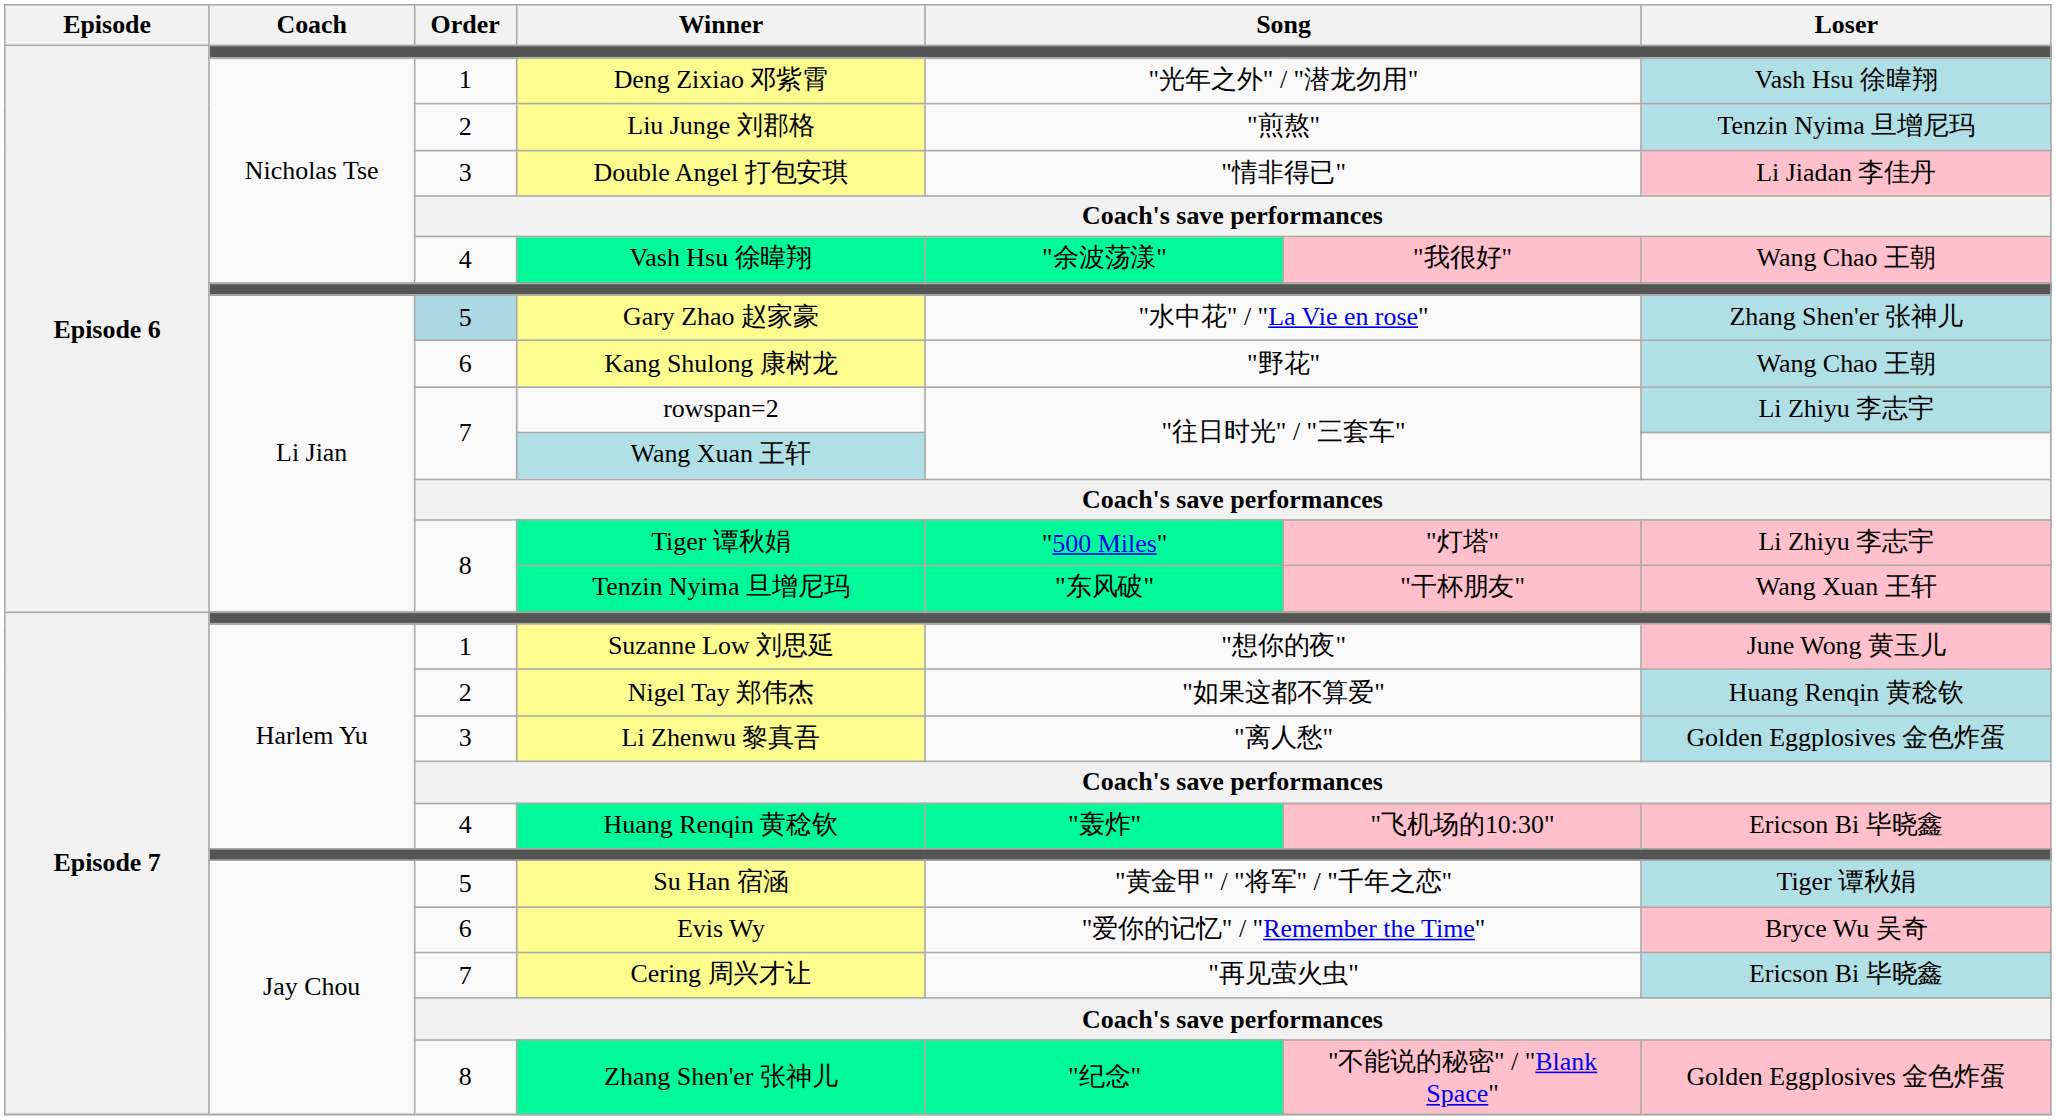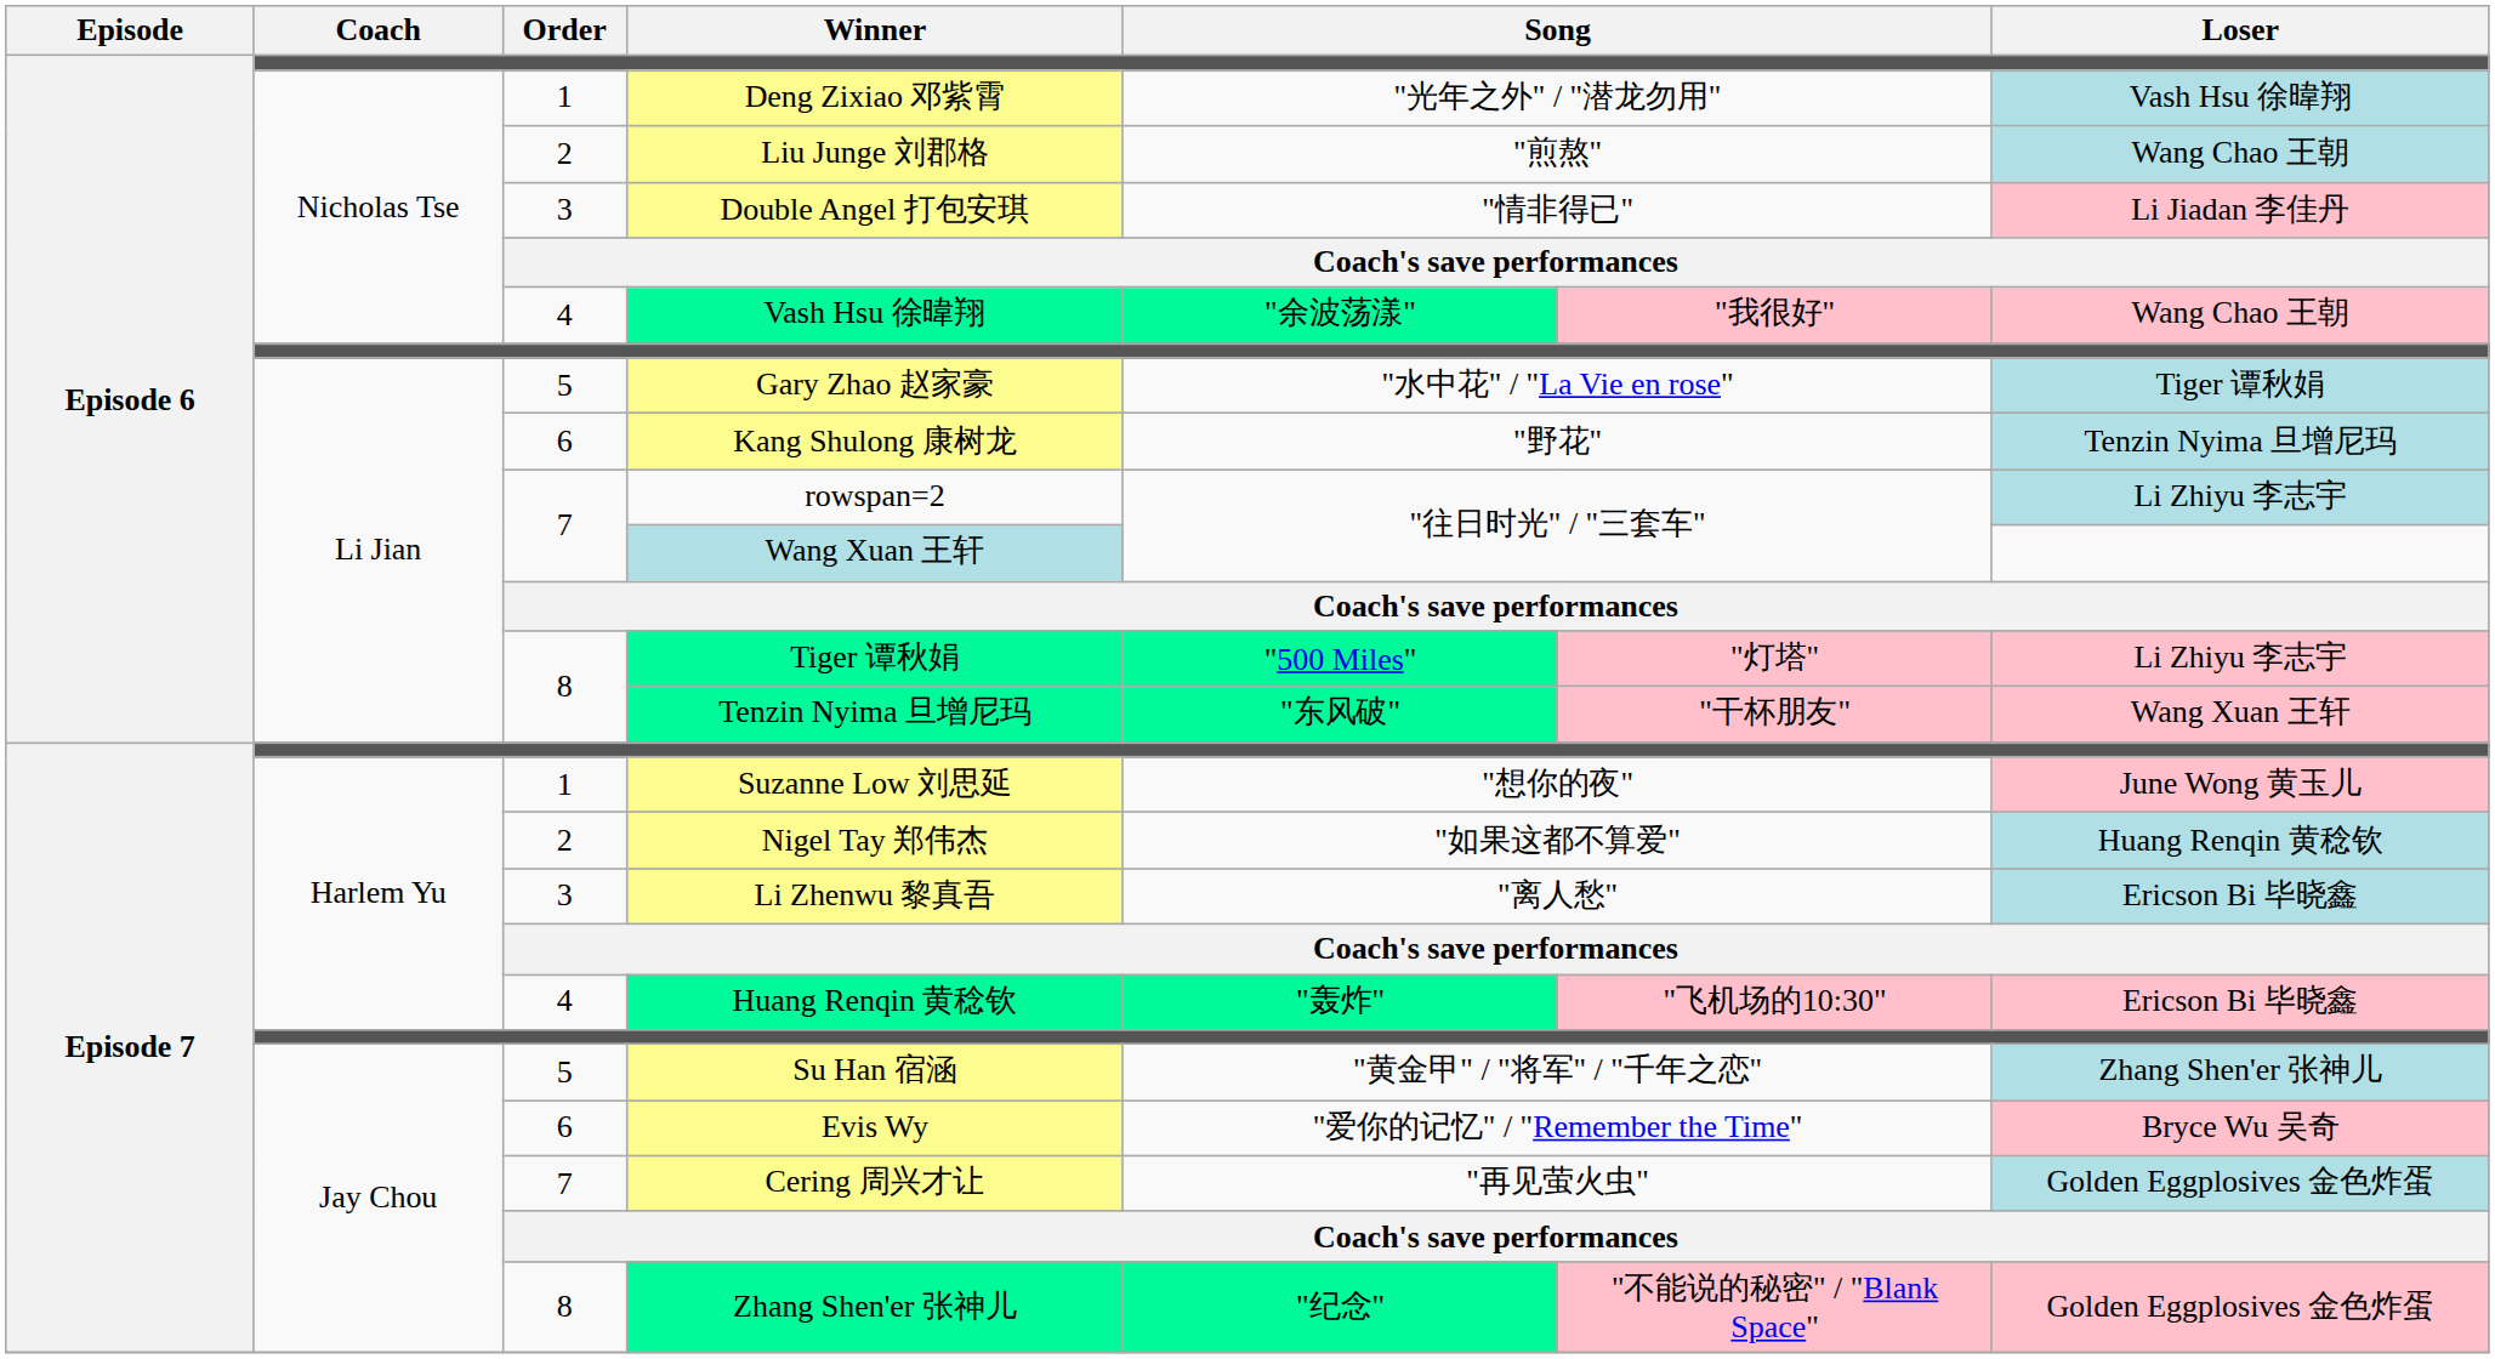 <table class="wikitable" style="text-align: center; width:100%;">
 <tr>
 <th style="width:10%;">Episode</th>
 <th style="width:10%;">Coach</th>
 <th style="width:5%;">Order</th>
 <th style="width:20%;">Winner</th>
 <th colspan=2>Song</th>
 <th style="width:20%;">Loser</th>
 </tr>
 <tr>
 <th rowspan=14>Episode 6<br><small></small></th>
 <td colspan="6" style="background:#555;"></td>
 </tr>
 <tr>
 <td rowspan=5>Nicholas Tse</td>
 <td>1</td>
 <td style="background:#fdfc8f;">Deng Zixiao 邓紫霄</td>
 <td colspan=2>"光年之外" / "潜龙勿用"</td>
 <td style="background:#b0e0e6;">Vash Hsu 徐暐翔</td>
 </tr>
 <tr>
 <td>2</td>
 <td style="background:#fdfc8f;">Liu Junge 刘郡格</td>
 <td colspan=2>"煎熬"</td>
-<td style="background:#b0e0e6;">Tenzin Nyima 旦增尼玛</td>
+<td style="background:#b0e0e6;">Wang Chao 王朝</td>
 </tr>
 <tr>
 <td>3</td>
 <td style="background:#fdfc8f;">Double Angel 打包安琪</td>
 <td colspan=2>"情非得已"</td>
 <td style="background:pink;">Li Jiadan 李佳丹</td>
 </tr>
 <tr>
 <th colspan="5">Coach's save performances</th>
 </tr>
 <tr>
 <td>4</td>
 <td style="background:#00FA9A;">Vash Hsu 徐暐翔</td>
 <td style="background:#00FA9A; width:17.5%;">"余波荡漾"</td>
 <td style="background:pink; width:17.5%;">"我很好"</td>
 <td style="background:pink;">Wang Chao 王朝</td>
 </tr>
 <tr>
 <td colspan="6" style="background:#555;"></td>
 </tr>
 <tr>
 <td rowspan=7>Li Jian</td>
-<td style="background: lightblue;">5</td>
+<td>5</td>
 <td style="background:#fdfc8f;">Gary Zhao 赵家豪</td>
 <td colspan=2>"水中花" / "<a href='#'>La Vie en rose</a>"</td>
-<td style="background:#b0e0e6;">Zhang Shen'er 张神儿</td>
+<td style="background:#b0e0e6;">Tiger 谭秋娟</td>
 </tr>
 <tr>
 <td>6</td>
 <td style="background:#fdfc8f;">Kang Shulong 康树龙</td>
 <td colspan=2>"野花"</td>
-<td style="background:#b0e0e6;">Wang Chao 王朝</td>
+<td style="background:#b0e0e6;">Tenzin Nyima 旦增尼玛</td>
 </tr>
 <tr>
 <td rowspan=2>7</td>
 <td>rowspan=2 </td>
 <td colspan=2 rowspan=2>"往日时光" / "三套车"</td>
 <td style="background:#b0e0e6;">Li Zhiyu 李志宇</td>
 </tr>
 <tr>
 <td style="background:#b0e0e6;">Wang Xuan 王轩</td>
 </tr>
 <tr>
 <th colspan="5">Coach's save performances</th>
 </tr>
 <tr>
 <td rowspan=2>8</td>
 <td style="background:#00FA9A;">Tiger 谭秋娟</td>
 <td style="background:#00FA9A;">"<a href='#'>500 Miles</a>"</td>
 <td style="background:pink;">"灯塔"</td>
 <td style="background:pink;">Li Zhiyu 李志宇</td>
 </tr>
 <tr>
 <td style="background:#00FA9A;">Tenzin Nyima 旦增尼玛</td>
 <td style="background:#00FA9A;">"东风破"</td>
 <td style="background:pink;">"干杯朋友"</td>
 <td style="background:pink;">Wang Xuan 王轩</td>
 </tr>
 <tr>
 <th rowspan=12>Episode 7<br><small></small></th>
 <td colspan="6" style="background:#555;"></td>
 </tr>
 <tr>
 <td rowspan=5>Harlem Yu</td>
 <td>1</td>
 <td style="background:#fdfc8f;">Suzanne Low 刘思延</td>
 <td colspan=2>"想你的夜"</td>
 <td style="background:pink;">June Wong 黄玉儿</td>
 </tr>
 <tr>
 <td>2</td>
 <td style="background:#fdfc8f;">Nigel Tay 郑伟杰</td>
 <td colspan=2>"如果这都不算爱"</td>
 <td style="background:#b0e0e6;">Huang Renqin 黄稔钦</td>
 </tr>
 <tr>
 <td>3</td>
 <td style="background:#fdfc8f;">Li Zhenwu 黎真吾</td>
 <td colspan=2>"离人愁"</td>
-<td style="background:#b0e0e6;">Golden Eggplosives 金色炸蛋</td>
+<td style="background:#b0e0e6;">Ericson Bi 毕晓鑫</td>
 </tr>
 <tr>
 <th colspan="5">Coach's save performances</th>
 </tr>
 <tr>
 <td>4</td>
 <td style="background:#00FA9A;">Huang Renqin 黄稔钦</td>
 <td style="background:#00FA9A;">"轰炸"</td>
 <td style="background:pink;">"飞机场的10:30"</td>
 <td style="background:pink;">Ericson Bi 毕晓鑫</td>
 </tr>
 <tr>
 <td colspan="6" style="background:#555;"></td>
 </tr>
 <tr>
 <td rowspan=5>Jay Chou</td>
 <td>5</td>
 <td style="background:#fdfc8f;">Su Han 宿涵</td>
 <td colspan=2>"黄金甲" / "将军" / "千年之恋"</td>
-<td style="background:#b0e0e6;">Tiger 谭秋娟</td>
+<td style="background:#b0e0e6;">Zhang Shen'er 张神儿</td>
 </tr>
 <tr>
 <td>6</td>
 <td style="background:#fdfc8f;">Evis Wy</td>
 <td colspan=2>"爱你的记忆" / "<a href='#'>Remember the Time</a>"</td>
 <td style="background:pink;">Bryce Wu 吴奇</td>
 </tr>
 <tr>
 <td>7</td>
 <td style="background:#fdfc8f;">Cering 周兴才让</td>
 <td colspan=2>"再见萤火虫"</td>
-<td style="background:#b0e0e6;">Ericson Bi 毕晓鑫</td>
+<td style="background:#b0e0e6;">Golden Eggplosives 金色炸蛋</td>
 </tr>
 <tr>
 <th colspan="5">Coach's save performances</th>
 </tr>
 <tr>
 <td>8</td>
 <td style="background:#00FA9A;">Zhang Shen'er 张神儿</td>
 <td style="background:#00FA9A;">"纪念"</td>
 <td style="background:pink;">"不能说的秘密" / "<a href='#'>Blank Space</a>"</td>
 <td style="background:pink;">Golden Eggplosives 金色炸蛋</td>
 </tr>
 <tr>
 </tr>
 </table>
